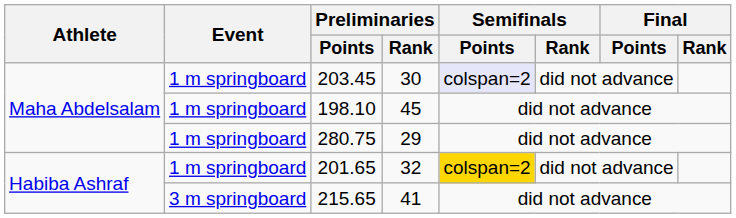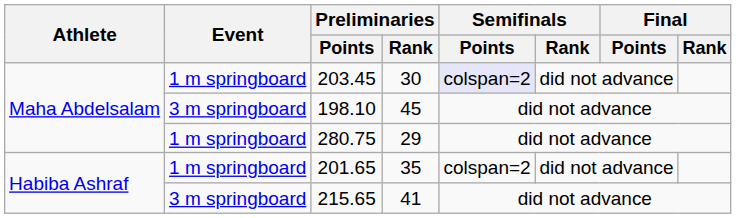 <table class=wikitable style="font-size:90%;">
 <tr>
 <th rowspan="2">Athlete</th>
 <th rowspan="2">Event</th>
 <th colspan="2">Preliminaries</th>
 <th colspan="2">Semifinals</th>
 <th colspan="2">Final</th>
 </tr>
 <tr style="font-size:95%">
 <th>Points</th>
 <th>Rank</th>
 <th>Points</th>
 <th>Rank</th>
 <th>Points</th>
 <th>Rank</th>
 </tr>
 <tr align=center>
 <td align=left rowspan=3><a href='#'>Maha Abdelsalam</a></td>
 <td align=left><a href='#'>1 m springboard</a></td>
 <td>203.45</td>
 <td>30</td>
 <td style="background: lavender;">colspan=2 </td>
 <td colspan=2>did not advance</td>
 </tr>
 <tr align=center>
-<td align=left><a href='#'>1 m springboard</a></td>
+<td align=left><a href='#'>3 m springboard</a></td>
 <td>198.10</td>
 <td>45</td>
 <td colspan=4>did not advance</td>
 </tr>
 <tr align=center>
 <td align=left><a href='#'>1 m springboard</a></td>
 <td>280.75</td>
 <td>29</td>
 <td colspan=4>did not advance</td>
 </tr>
 <tr align=center>
 <td align=left rowspan=2><a href='#'>Habiba Ashraf</a></td>
 <td align=left><a href='#'>1 m springboard</a></td>
 <td>201.65</td>
-<td>32</td>
-<td style="background: gold;">colspan=2 </td>
+<td>35</td>
+<td>colspan=2 </td>
 <td colspan=2>did not advance</td>
 </tr>
 <tr align=center>
 <td align=left><a href='#'>3 m springboard</a></td>
 <td>215.65</td>
 <td>41</td>
 <td colspan=4>did not advance</td>
 </tr>
 </table>
